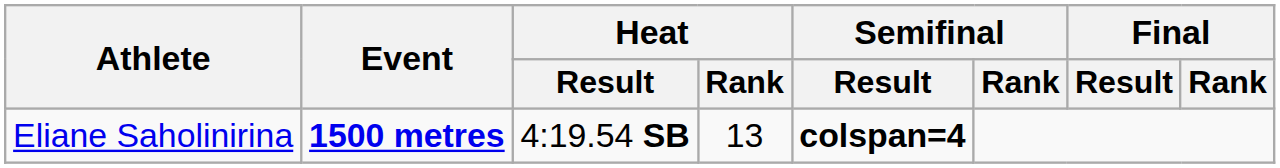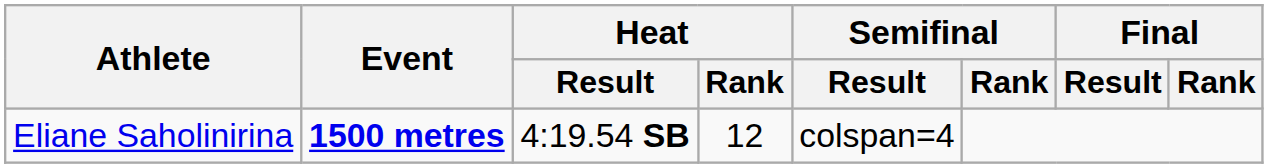 <table class="wikitable" style="font-size:90%">
 <tr>
 <th rowspan="2">Athlete</th>
 <th rowspan="2">Event</th>
 <th colspan="2">Heat</th>
 <th colspan="2">Semifinal</th>
 <th colspan="2">Final</th>
 </tr>
 <tr style="font-size:95%">
 <th>Result</th>
 <th>Rank</th>
 <th>Result</th>
 <th>Rank</th>
 <th>Result</th>
 <th>Rank</th>
 </tr>
 <tr style=text-align:center>
 <td style=text-align:left><a href='#'>Eliane Saholinirina</a></td>
 <td style=text-align:left><strong><a href='#'>1500 metres</a></strong></td>
 <td>4:19.54 <strong>SB</strong></td>
-<td>13</td>
-<td><strong>colspan=4 </strong></td>
+<td>12</td>
+<td>colspan=4 </td>
 </tr>
 </table>
